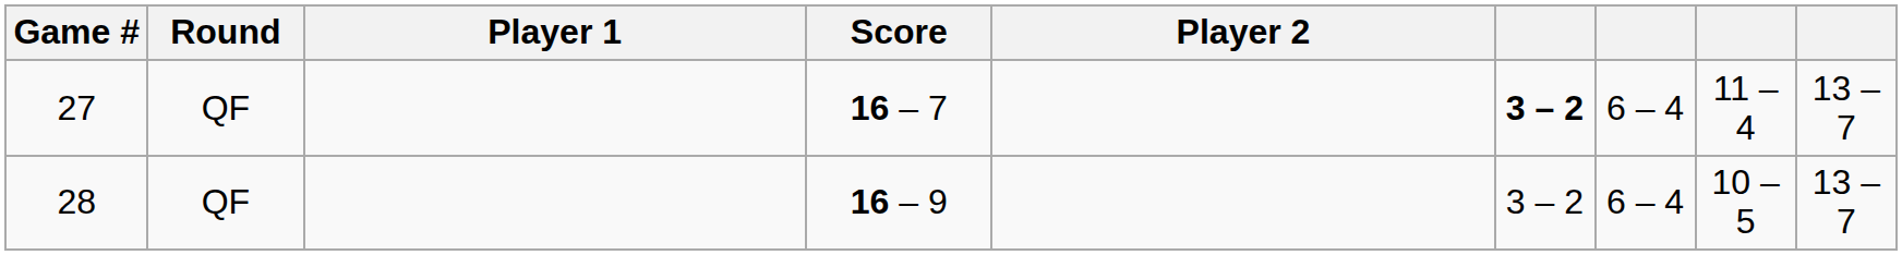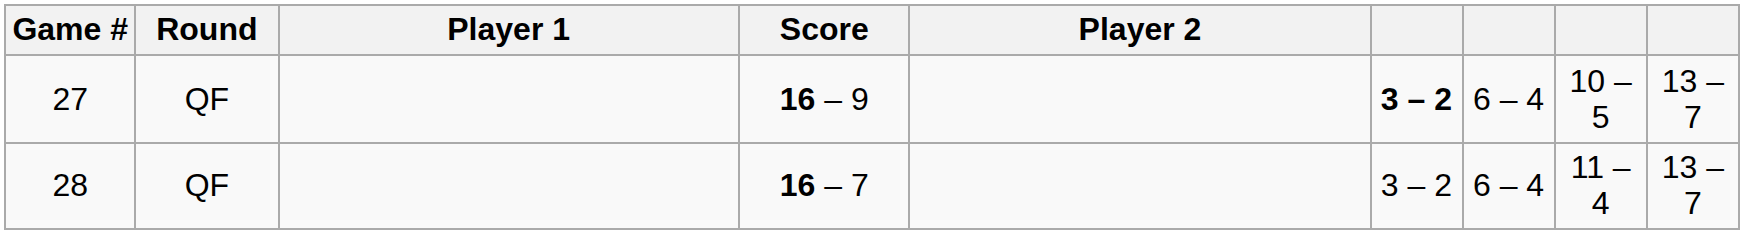 <table class="wikitable">
 <tr>
 <th width="2%">Game #</th>
 <th width="2%">Round</th>
 <th width="15%">Player 1</th>
 <th width="5%">Score</th>
 <th width="15%">Player 2</th>
 <th width="3%"></th>
 <th width="3%"></th>
 <th width="3%"></th>
 <th width="3%"></th>
 </tr>
 <tr style=text-align:center;"background:#;">
 <td>27</td>
 <td>QF</td>
 <td><strong></strong></td>
-<td><strong>16</strong> – 7</td>
+<td><strong>16</strong> – 9</td>
 <td></td>
 <td><strong>3 – 2</strong></td>
 <td>6 – 4</td>
-<td>11 – 4</td>
+<td>10 – 5</td>
 <td>13 – 7</td>
 </tr>
 <tr style=text-align:center;"background:#;">
 <td>28</td>
 <td>QF</td>
 <td><strong></strong></td>
-<td><strong>16</strong> – 9</td>
+<td><strong>16</strong> – 7</td>
 <td></td>
 <td>3 – 2</td>
 <td>6 – 4</td>
-<td>10 – 5</td>
+<td>11 – 4</td>
 <td>13 – 7</td>
 </tr>
 </table>
